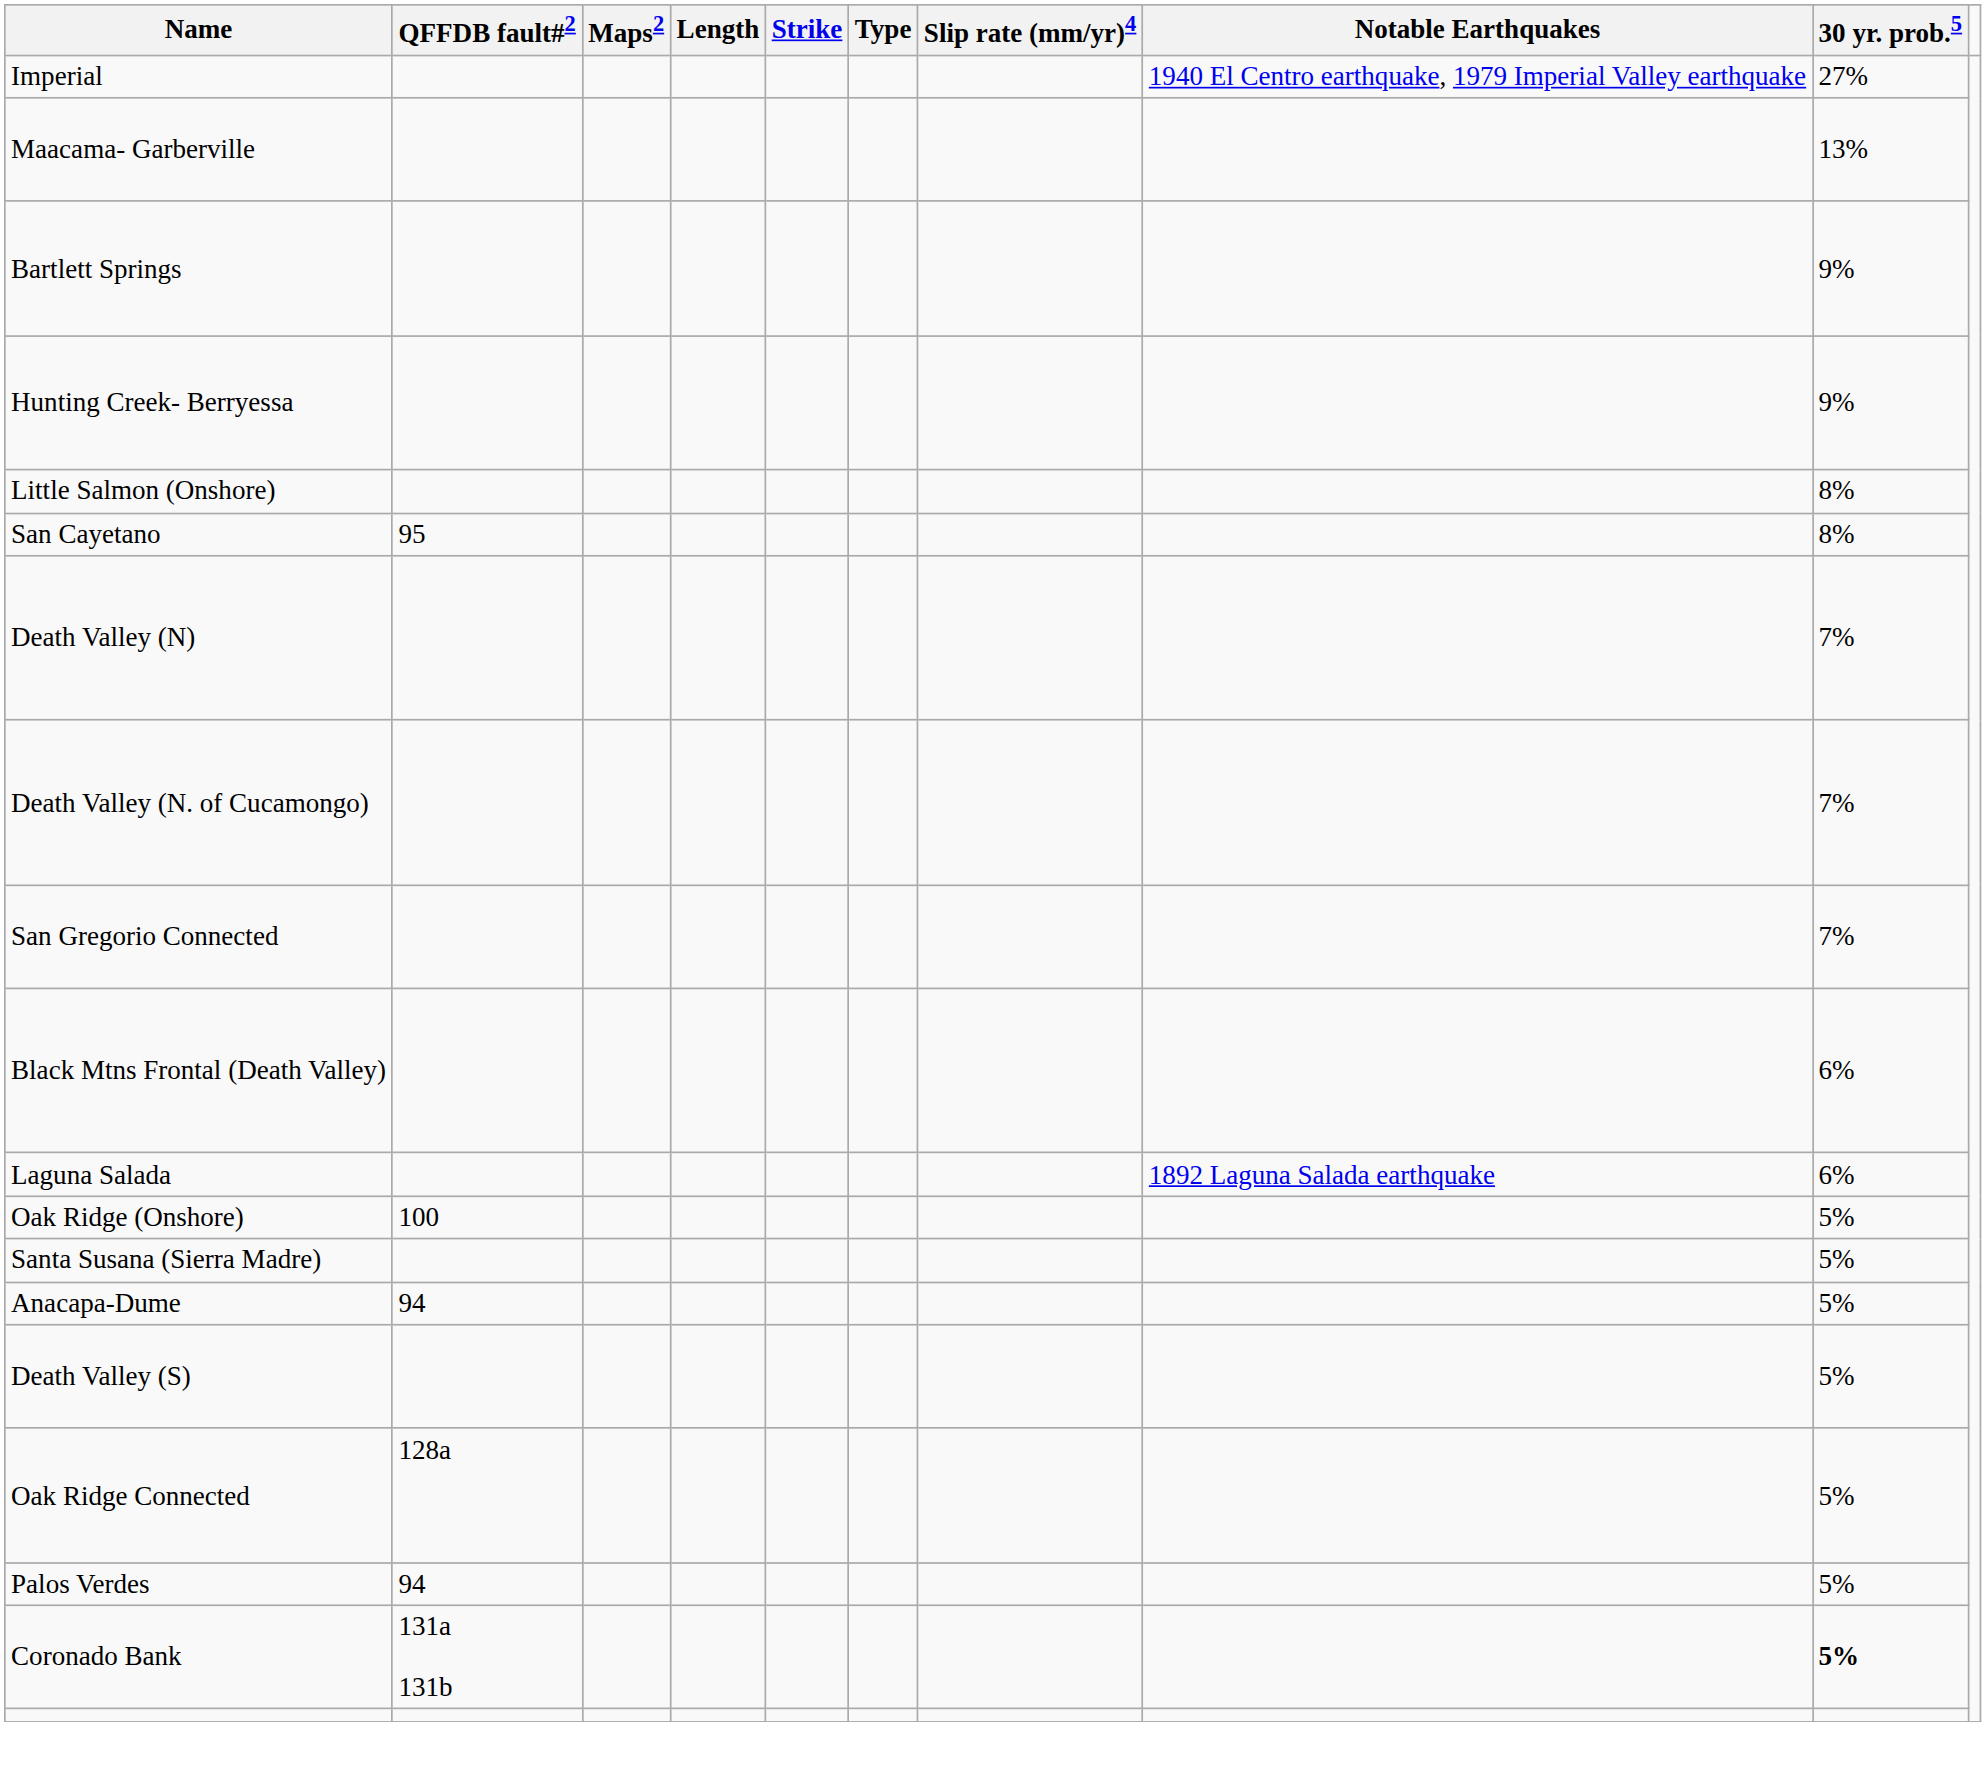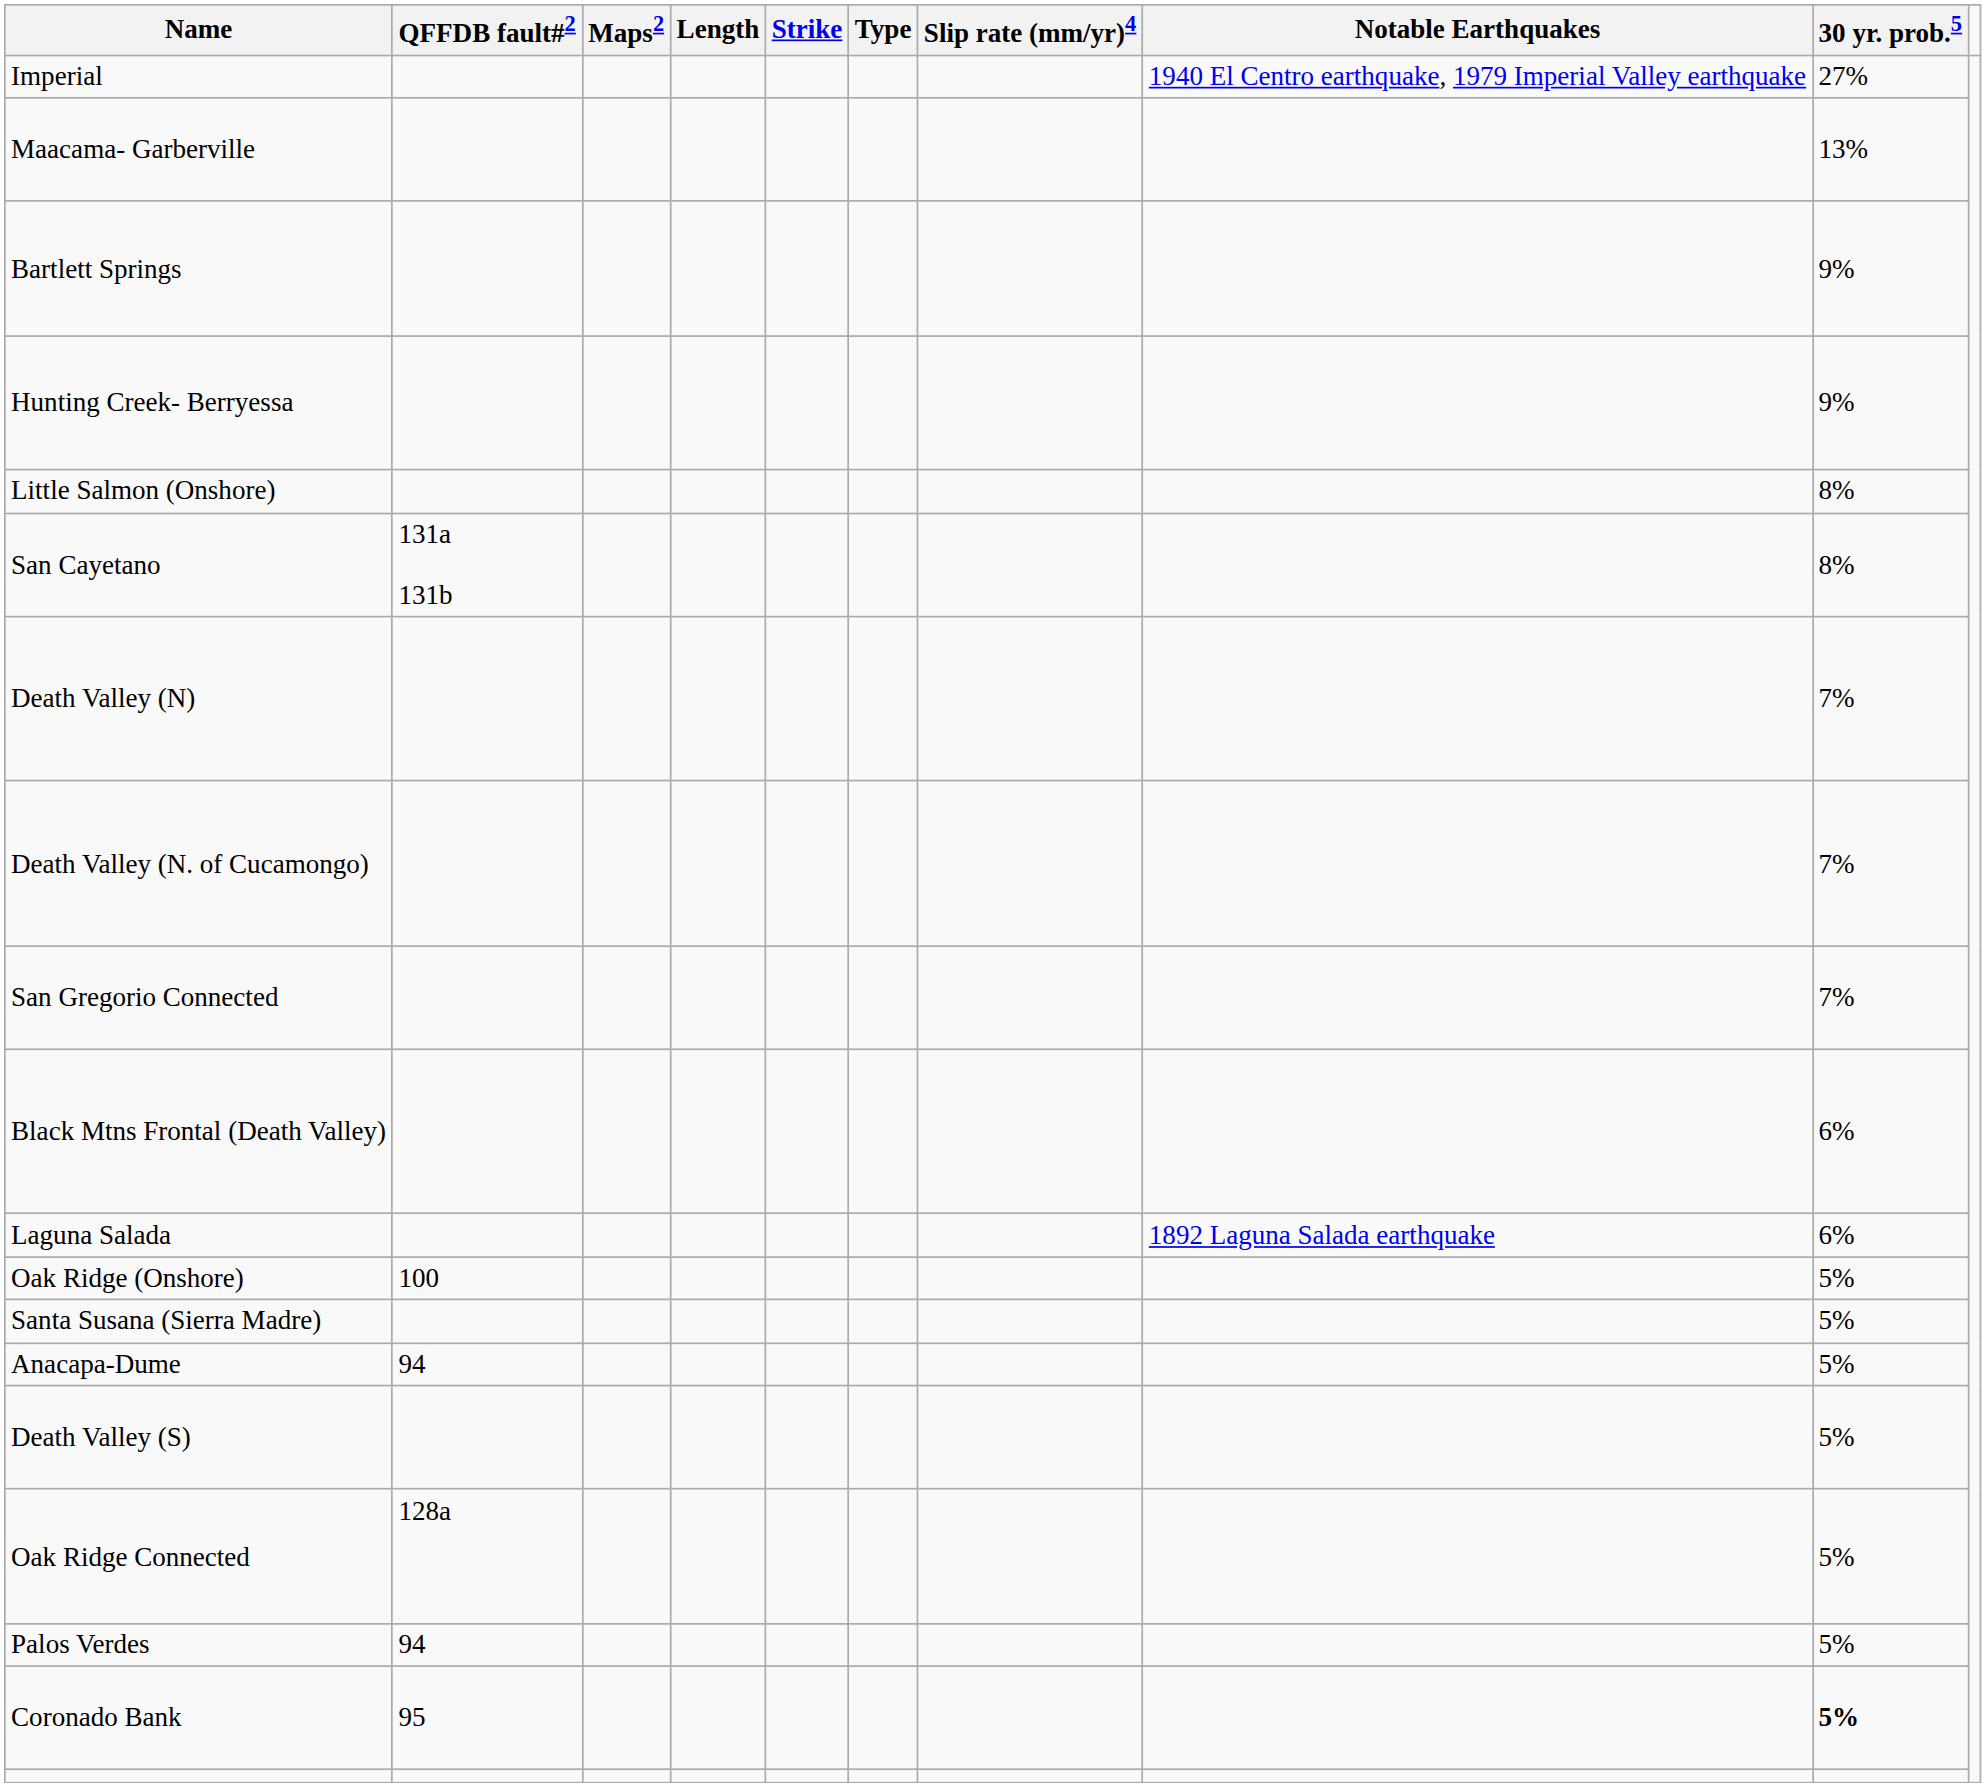 <table class=wikitable>
 <tr>
 <th>Name</th>
 <th>QFFDB fault#<sup><a href='#'>2</a></sup></th>
 <th>Maps<sup><a href='#'>2</a></sup></th>
 <th>Length</th>
 <th><a href='#'>Strike</a></th>
 <th>Type</th>
 <th>Slip rate (mm/yr)<sup><a href='#'>4</a></sup></th>
 <th>Notable Earthquakes</th>
 <th>30 yr. prob.<sup><a href='#'>5</a></sup></th>
 <td><br></td>
 </tr>
 <tr>
 <td>Imperial</td>
 <td><br></td>
 <td><br></td>
 <td></td>
 <td></td>
 <td></td>
 <td></td>
 <td><a href='#'>1940 El Centro earthquake</a>, <a href='#'>1979 Imperial Valley earthquake</a></td>
 <td>27%</td>
 </tr>
 <tr>
 <td>Maacama- Garberville</td>
 <td><br><br><br></td>
 <td><br><br><br></td>
 <td></td>
 <td></td>
 <td></td>
 <td></td>
 <td></td>
 <td>13%</td>
 </tr>
 <tr>
 <td>Bartlett Springs</td>
 <td><br><br><br> <br></td>
 <td><br></td>
 <td></td>
 <td></td>
 <td></td>
 <td></td>
 <td></td>
 <td>9%</td>
 </tr>
 <tr>
 <td>Hunting Creek- Berryessa</td>
 <td><br><br><br> <br></td>
 <td><br></td>
 <td></td>
 <td></td>
 <td></td>
 <td></td>
 <td></td>
 <td>9%</td>
 </tr>
 <tr>
 <td>Little Salmon (Onshore)</td>
 <td><br></td>
 <td><br></td>
 <td></td>
 <td></td>
 <td></td>
 <td></td>
 <td></td>
 <td>8%</td>
 </tr>
 <tr>
 <td>San Cayetano</td>
-<td>95<br></td>
+<td>131a<br><br>131b<br></td>
 <td><br></td>
 <td></td>
 <td></td>
 <td></td>
 <td></td>
 <td></td>
 <td>8%</td>
 </tr>
 <tr>
 <td>Death Valley (N)</td>
 <td><br><br><br> <br> <br></td>
 <td><br><br><br></td>
 <td></td>
 <td></td>
 <td></td>
 <td></td>
 <td></td>
 <td>7%</td>
 </tr>
 <tr>
 <td>Death Valley (N. of Cucamongo)</td>
 <td><br><br><br> <br> <br></td>
 <td><br><br><br></td>
 <td></td>
 <td></td>
 <td></td>
 <td></td>
 <td></td>
 <td>7%</td>
 </tr>
 <tr>
 <td>San Gregorio Connected</td>
 <td><br><br><br></td>
 <td><br><br><br></td>
 <td></td>
 <td></td>
 <td></td>
 <td></td>
 <td></td>
 <td>7%</td>
 </tr>
 <tr>
 <td>Black Mtns Frontal (Death Valley)</td>
 <td><br><br><br> <br> <br></td>
 <td><br><br><br></td>
 <td></td>
 <td></td>
 <td></td>
 <td></td>
 <td></td>
 <td>6%</td>
 </tr>
 <tr>
 <td>Laguna Salada</td>
 <td><br></td>
 <td><br></td>
 <td></td>
 <td></td>
 <td></td>
 <td></td>
 <td><a href='#'>1892 Laguna Salada earthquake</a></td>
 <td>6%</td>
 </tr>
 <tr>
 <td>Oak Ridge (Onshore)</td>
 <td>100<br></td>
 <td><br></td>
 <td></td>
 <td></td>
 <td></td>
 <td></td>
 <td></td>
 <td>5%</td>
 </tr>
 <tr>
 <td>Santa Susana (Sierra Madre)</td>
 <td><br></td>
 <td><br></td>
 <td></td>
 <td></td>
 <td></td>
 <td></td>
 <td></td>
 <td>5%</td>
 </tr>
 <tr>
 <td>Anacapa-Dume</td>
 <td>94<br></td>
 <td><br></td>
 <td></td>
 <td></td>
 <td></td>
 <td></td>
 <td></td>
 <td>5%</td>
 </tr>
 <tr>
 <td>Death Valley (S)</td>
 <td><br><br><br></td>
 <td><br></td>
 <td></td>
 <td></td>
 <td></td>
 <td></td>
 <td></td>
 <td>5%</td>
 </tr>
 <tr>
 <td>Oak Ridge Connected</td>
 <td>128a<br><br><br> <br></td>
 <td><br></td>
 <td></td>
 <td></td>
 <td></td>
 <td></td>
 <td></td>
 <td>5%</td>
 </tr>
 <tr>
 <td>Palos Verdes</td>
 <td>94<br></td>
 <td><br></td>
 <td></td>
 <td></td>
 <td></td>
 <td></td>
 <td></td>
 <td>5%</td>
 </tr>
 <tr>
 <td>Coronado Bank</td>
-<td>131a<br><br>131b<br></td>
+<td>95<br></td>
 <td><br><br><br></td>
 <td></td>
 <td></td>
 <td></td>
 <td></td>
 <td></td>
 <td><strong>5%</strong></td>
 </tr>
 <tr>
 <td></td>
 <td></td>
 <td></td>
 <td></td>
 <td></td>
 <td></td>
 <td></td>
 <td></td>
 <td></td>
 </tr>
 </table>
